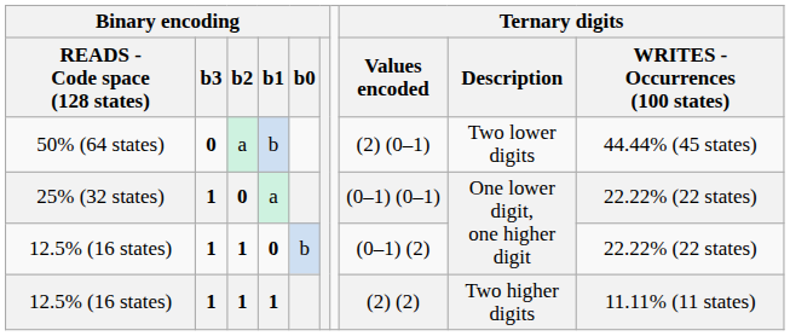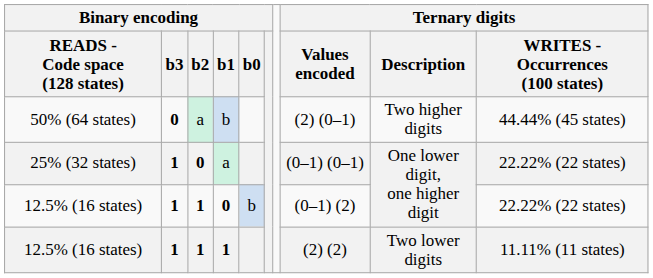 <table class="wikitable" border="1" style="text-align:center">
 <tr>
 <th colspan="6" scope="col">Binary encoding</th>
 <td rowspan="6"></td>
 <th colspan="3" scope="col">Ternary digits</th>
 </tr>
 <tr>
 <th scope="col">READS - Code space (128 states)</th>
 <th scope="col">b3</th>
 <th scope="col">b2</th>
 <th scope="col">b1</th>
 <th scope="col">b0</th>
 <th rowspan="5" scope="col"></th>
 <th>Values encoded</th>
 <th scope="col">Description</th>
 <th scope="col">WRITES - Occurrences (100 states)</th>
 </tr>
 <tr>
 <td>50% (64 states)</td>
 <td><strong>0</strong></td>
 <td bgcolor="#cef2e0">a</td>
 <td bgcolor="#cedff2">b</td>
 <td></td>
 <td>(2) (0–1)</td>
-<td>Two lower digits</td>
+<td>Two higher digits</td>
 <td>44.44% (45 states)</td>
 </tr>
 <tr bgcolor="#f2f2f2">
 <td>25% (32 states)</td>
 <td><strong>1</strong></td>
 <td><strong>0</strong></td>
 <td bgcolor="#cef2e0">a</td>
 <td></td>
 <td>(0–1) (0–1)</td>
 <td rowspan="2">One lower digit,<br>one higher digit</td>
 <td>22.22% (22 states)</td>
 </tr>
 <tr>
 <td>12.5% (16 states)</td>
 <td><strong>1</strong></td>
 <td><strong>1</strong></td>
 <td><strong>0</strong></td>
 <td bgcolor="#cedff2">b</td>
 <td>(0–1) (2)</td>
 <td>22.22% (22 states)</td>
 </tr>
 <tr bgcolor="#f2f2f2">
 <td>12.5% (16 states)</td>
 <td><strong>1</strong></td>
 <td><strong>1</strong></td>
 <td><strong>1</strong></td>
 <td></td>
 <td>(2) (2)</td>
-<td>Two higher digits</td>
+<td>Two lower digits</td>
 <td>11.11% (11 states)</td>
 </tr>
 </table>
